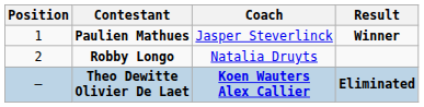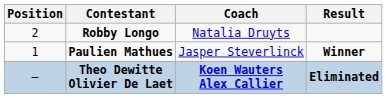 <table class="wikitable" style="text-align: center;">
 <tr>
 <th>Position</th>
 <th>Contestant</th>
 <th>Coach</th>
 <th>Result</th>
 </tr>
 <tr>
+<td>2</td>
+<td><strong>Robby Longo</strong></td>
+<td><a href='#'>Natalia Druyts</a></td>
+<td></td>
+</tr>
+<tr>
 <td>1</td>
 <td><strong>Paulien Mathues</strong></td>
 <td><a href='#'>Jasper Steverlinck</a></td>
 <td><strong>Winner</strong></td>
-</tr>
-<tr>
-<td>2</td>
-<td><strong>Robby Longo</strong></td>
-<td><a href='#'>Natalia Druyts</a></td>
-<td></td>
 </tr>
 <tr bgcolor=#BCD4E6>
 <td>—</td>
 <td><strong>Theo Dewitte</strong><br><strong>Olivier De Laet</strong></td>
 <td><strong><a href='#'>Koen Wauters</a><br><a href='#'>Alex Callier</a></strong></td>
 <td><strong>Eliminated</strong></td>
 </tr>
 </table>
